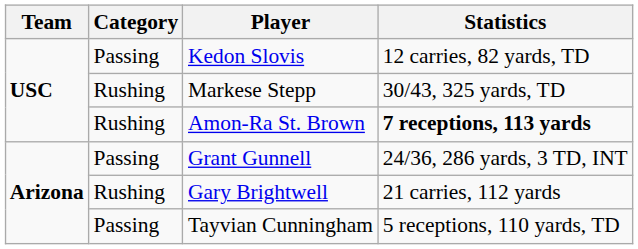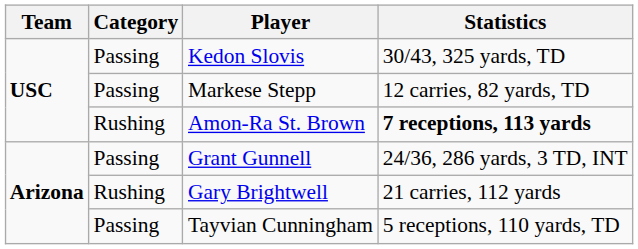 <table class="wikitable" style="float: right;">
 <tr>
 <th>Team</th>
 <th>Category</th>
 <th>Player</th>
 <th>Statistics</th>
 </tr>
 <tr>
 <td rowspan=3><strong>USC</strong></td>
 <td>Passing</td>
 <td><a href='#'>Kedon Slovis</a></td>
-<td>12 carries, 82 yards, TD</td>
+<td>30/43, 325 yards, TD</td>
 </tr>
 <tr>
-<td>Rushing</td>
+<td>Passing</td>
 <td>Markese Stepp</td>
-<td>30/43, 325 yards, TD</td>
+<td>12 carries, 82 yards, TD</td>
 </tr>
 <tr>
 <td>Rushing</td>
 <td><a href='#'>Amon-Ra St. Brown</a></td>
 <td><strong>7 receptions, 113 yards</strong></td>
 </tr>
 <tr>
 <td rowspan=3><strong>Arizona</strong></td>
 <td>Passing</td>
 <td><a href='#'>Grant Gunnell</a></td>
 <td>24/36, 286 yards, 3 TD, INT</td>
 </tr>
 <tr>
 <td>Rushing</td>
 <td><a href='#'>Gary Brightwell</a></td>
 <td>21 carries, 112 yards</td>
 </tr>
 <tr>
 <td>Passing</td>
 <td>Tayvian Cunningham</td>
 <td>5 receptions, 110 yards, TD</td>
 </tr>
 </table>
